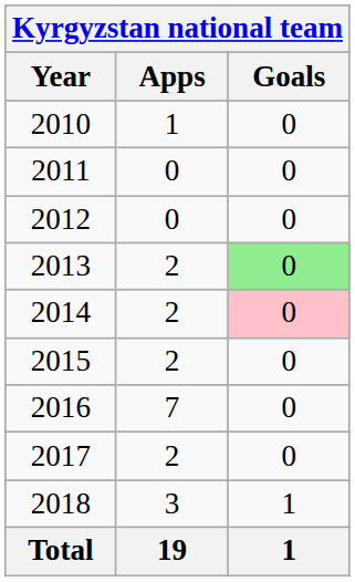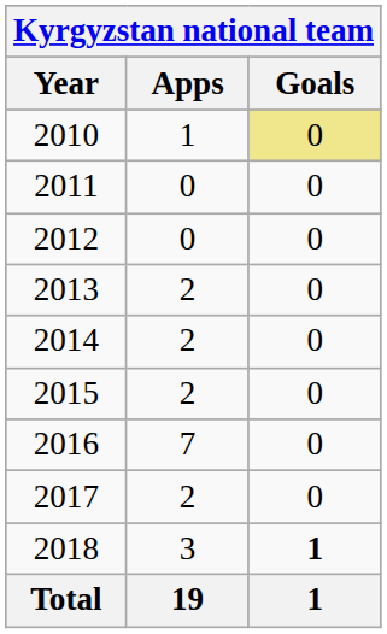 <table class="wikitable" style="text-align:center">
 <tr>
 <th colspan=3><a href='#'>Kyrgyzstan national team</a></th>
 </tr>
 <tr>
 <th>Year</th>
 <th>Apps</th>
 <th>Goals</th>
 </tr>
 <tr>
 <td>2010</td>
 <td>1</td>
-<td>0</td>
+<td style="background: khaki;">0</td>
 </tr>
 <tr>
 <td>2011</td>
 <td>0</td>
 <td>0</td>
 </tr>
 <tr>
 <td>2012</td>
 <td>0</td>
 <td>0</td>
 </tr>
 <tr>
 <td>2013</td>
 <td>2</td>
-<td style="background: lightgreen;">0</td>
+<td>0</td>
 </tr>
 <tr>
 <td>2014</td>
 <td>2</td>
-<td style="background: pink;">0</td>
+<td>0</td>
 </tr>
 <tr>
 <td>2015</td>
 <td>2</td>
 <td>0</td>
 </tr>
 <tr>
 <td>2016</td>
 <td>7</td>
 <td>0</td>
 </tr>
 <tr>
 <td>2017</td>
 <td>2</td>
 <td>0</td>
 </tr>
 <tr>
 <td>2018</td>
 <td>3</td>
-<td>1</td>
+<td><strong>1</strong></td>
 </tr>
 <tr>
 <th>Total</th>
 <th>19</th>
 <th>1</th>
 </tr>
 </table>
